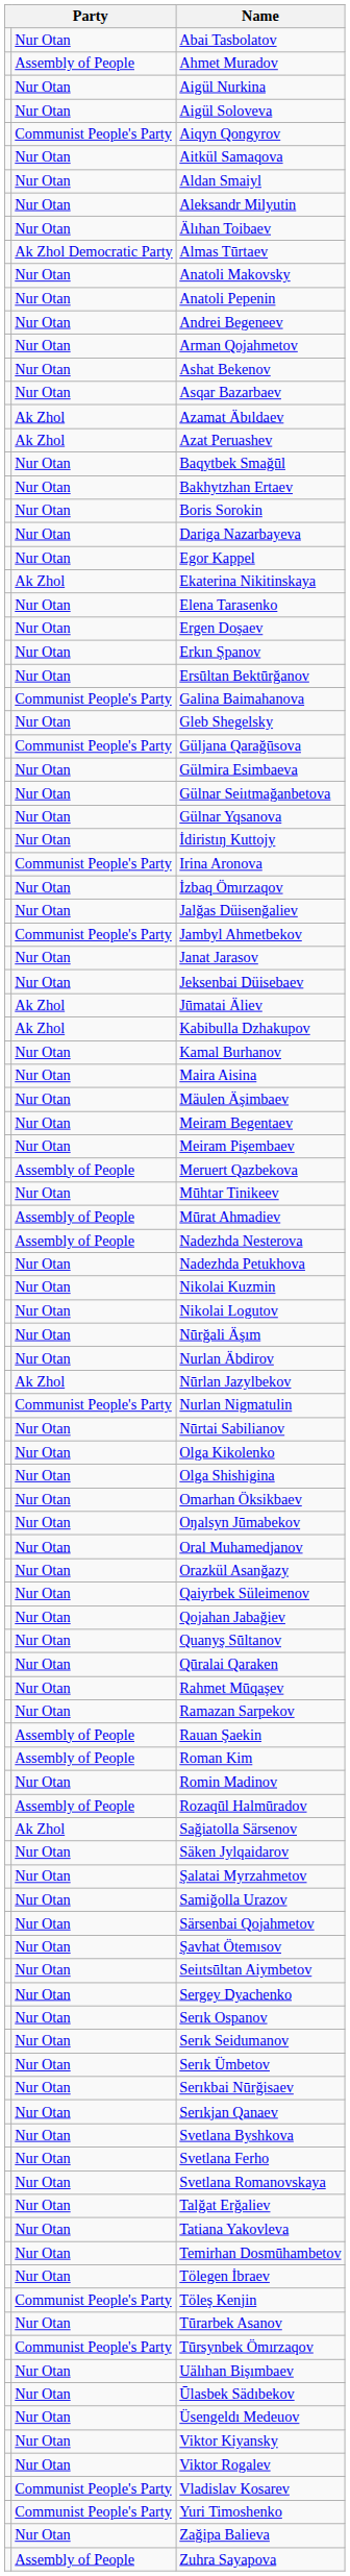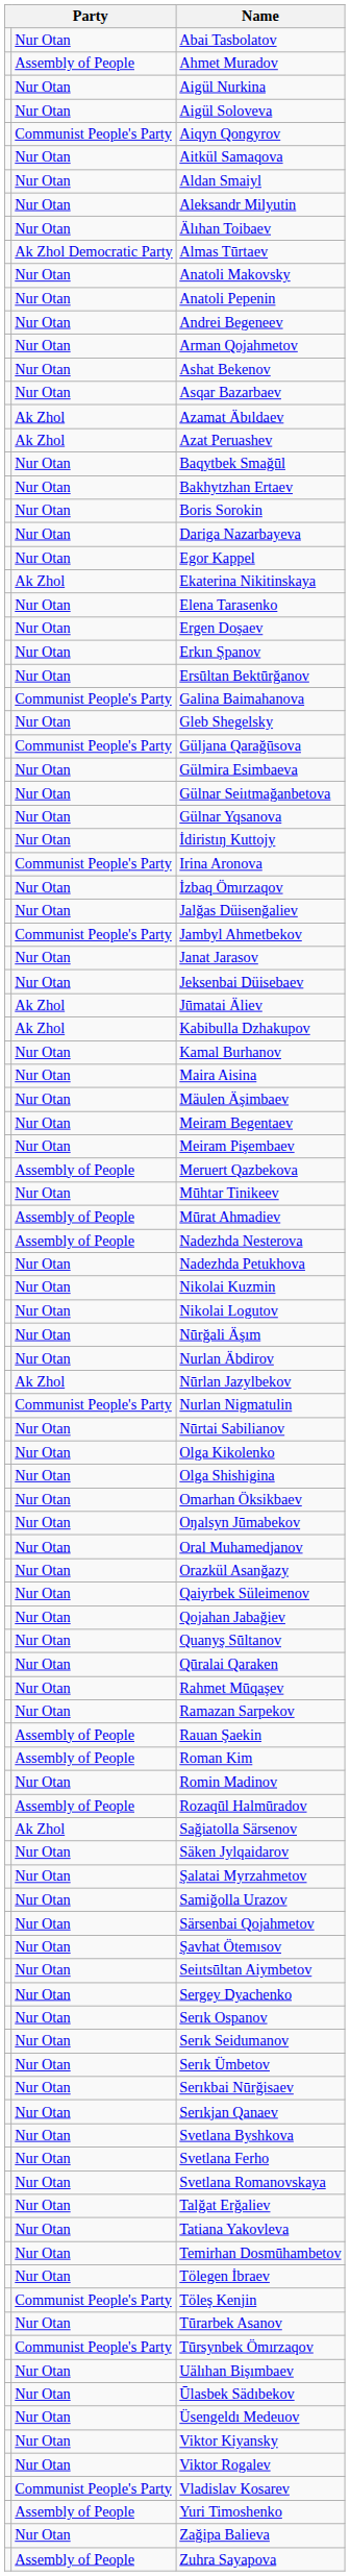 <table class="wikitable sortable">
 <tr>
 <th colspan="2">Party</th>
 <th>Name</th>
 </tr>
 <tr>
 <td style="background-color: "></td>
 <td><a href='#'>Nur Otan</a></td>
 <td><a href='#'>Abai Tasbolatov</a></td>
 </tr>
 <tr>
 <td></td>
 <td><a href='#'>Assembly of People</a></td>
 <td><a href='#'>Ahmet Muradov</a></td>
 </tr>
 <tr>
 <td style="background-color: "></td>
 <td><a href='#'>Nur Otan</a></td>
 <td><a href='#'>Aigül Nurkina</a></td>
 </tr>
 <tr>
 <td style="background-color: "></td>
 <td><a href='#'>Nur Otan</a></td>
 <td><a href='#'>Aigül Soloveva</a></td>
 </tr>
 <tr>
 <td style="background-color: "></td>
 <td><a href='#'>Communist People's Party</a></td>
 <td><a href='#'>Aiqyn Qongyrov</a></td>
 </tr>
 <tr>
 <td style="background-color: "></td>
 <td><a href='#'>Nur Otan</a></td>
 <td><a href='#'>Aitkül Samaqova</a></td>
 </tr>
 <tr>
 <td style="background-color: "></td>
 <td><a href='#'>Nur Otan</a></td>
 <td><a href='#'>Aldan Smaiyl</a></td>
 </tr>
 <tr>
 <td style="background-color: "></td>
 <td><a href='#'>Nur Otan</a></td>
 <td><a href='#'>Aleksandr Milyutin</a></td>
 </tr>
 <tr>
 <td style="background-color: "></td>
 <td><a href='#'>Nur Otan</a></td>
 <td><a href='#'>Älıhan Toibaev</a></td>
 </tr>
 <tr>
 <td style="background-color: "></td>
 <td><a href='#'>Ak Zhol Democratic Party</a></td>
 <td><a href='#'>Almas Tūrtaev</a></td>
 </tr>
 <tr>
 <td style="background-color: "></td>
 <td><a href='#'>Nur Otan</a></td>
 <td><a href='#'>Anatoli Makovsky</a></td>
 </tr>
 <tr>
 <td style="background-color: "></td>
 <td><a href='#'>Nur Otan</a></td>
 <td><a href='#'>Anatoli Pepenin</a></td>
 </tr>
 <tr>
 <td style="background-color: "></td>
 <td><a href='#'>Nur Otan</a></td>
 <td><a href='#'>Andrei Begeneev</a></td>
 </tr>
 <tr>
 <td style="background-color: "></td>
 <td><a href='#'>Nur Otan</a></td>
 <td><a href='#'>Arman Qojahmetov</a></td>
 </tr>
 <tr>
 <td style="background-color: "></td>
 <td><a href='#'>Nur Otan</a></td>
 <td><a href='#'>Ashat Bekenov</a></td>
 </tr>
 <tr>
 <td style="background-color: "></td>
 <td><a href='#'>Nur Otan</a></td>
 <td><a href='#'>Asqar Bazarbaev</a></td>
 </tr>
 <tr>
 <td style="background-color: "></td>
 <td><a href='#'>Ak Zhol</a></td>
 <td><a href='#'>Azamat Äbıldaev</a></td>
 </tr>
 <tr>
 <td style="background-color: "></td>
 <td><a href='#'>Ak Zhol</a></td>
 <td><a href='#'>Azat Peruashev</a></td>
 </tr>
 <tr>
 <td style="background-color: "></td>
 <td><a href='#'>Nur Otan</a></td>
 <td><a href='#'>Baqytbek Smağūl</a></td>
 </tr>
 <tr>
 <td style="background-color: "></td>
 <td><a href='#'>Nur Otan</a></td>
 <td><a href='#'>Bakhytzhan Ertaev</a></td>
 </tr>
 <tr>
 <td style="background-color: "></td>
 <td><a href='#'>Nur Otan</a></td>
 <td><a href='#'>Boris Sorokin</a></td>
 </tr>
 <tr>
 <td style="background-color: "></td>
 <td><a href='#'>Nur Otan</a></td>
 <td><a href='#'>Dariga Nazarbayeva</a></td>
 </tr>
 <tr>
 <td></td>
 <td><a href='#'>Nur Otan</a></td>
 <td><a href='#'>Egor Kappel</a></td>
 </tr>
 <tr>
 <td style="background-color: "></td>
 <td><a href='#'>Ak Zhol</a></td>
 <td><a href='#'>Ekaterina Nikitinskaya</a></td>
 </tr>
 <tr>
 <td style="background-color: "></td>
 <td><a href='#'>Nur Otan</a></td>
 <td><a href='#'>Elena Tarasenko</a></td>
 </tr>
 <tr>
 <td style="background-color: "></td>
 <td><a href='#'>Nur Otan</a></td>
 <td><a href='#'>Ergen Doşaev</a></td>
 </tr>
 <tr>
 <td style="background-color: "></td>
 <td><a href='#'>Nur Otan</a></td>
 <td><a href='#'>Erkın Şpanov</a></td>
 </tr>
 <tr>
 <td style="background-color: "></td>
 <td><a href='#'>Nur Otan</a></td>
 <td><a href='#'>Ersūltan Bektūrğanov</a></td>
 </tr>
 <tr>
 <td style="background-color: "></td>
 <td><a href='#'>Communist People's Party</a></td>
 <td><a href='#'>Galina Baimahanova</a></td>
 </tr>
 <tr>
 <td style="background-color: "></td>
 <td><a href='#'>Nur Otan</a></td>
 <td><a href='#'>Gleb Shegelsky</a></td>
 </tr>
 <tr>
 <td style="background-color: "></td>
 <td><a href='#'>Communist People's Party</a></td>
 <td><a href='#'>Güljana Qarağūsova</a></td>
 </tr>
 <tr>
 <td style="background-color: "></td>
 <td><a href='#'>Nur Otan</a></td>
 <td><a href='#'>Gülmira Esimbaeva</a></td>
 </tr>
 <tr>
 <td style="background-color: "></td>
 <td><a href='#'>Nur Otan</a></td>
 <td><a href='#'>Gülnar Seiıtmağanbetova</a></td>
 </tr>
 <tr>
 <td style="background-color: "></td>
 <td><a href='#'>Nur Otan</a></td>
 <td><a href='#'>Gülnar Yqsanova</a></td>
 </tr>
 <tr>
 <td style="background-color: "></td>
 <td><a href='#'>Nur Otan</a></td>
 <td><a href='#'>İdiristıŋ Kuttojy</a></td>
 </tr>
 <tr>
 <td style="background-color: "></td>
 <td><a href='#'>Communist People's Party</a></td>
 <td><a href='#'>Irina Aronova</a></td>
 </tr>
 <tr>
 <td style="background-color: "></td>
 <td><a href='#'>Nur Otan</a></td>
 <td><a href='#'>İzbaq Ömırzaqov</a></td>
 </tr>
 <tr>
 <td style="background-color: "></td>
 <td><a href='#'>Nur Otan</a></td>
 <td><a href='#'>Jalğas Düisenğaliev</a></td>
 </tr>
 <tr>
 <td style="background-color: "></td>
 <td><a href='#'>Communist People's Party</a></td>
 <td><a href='#'>Jambyl Ahmetbekov</a></td>
 </tr>
 <tr>
 <td style="background-color: "></td>
 <td><a href='#'>Nur Otan</a></td>
 <td><a href='#'>Janat Jarasov</a></td>
 </tr>
 <tr>
 <td style="background-color: "></td>
 <td><a href='#'>Nur Otan</a></td>
 <td><a href='#'>Jeksenbai Düisebaev</a></td>
 </tr>
 <tr>
 <td></td>
 <td><a href='#'>Ak Zhol</a></td>
 <td><a href='#'>Jūmatai Äliev</a></td>
 </tr>
 <tr>
 <td style="background-color: "></td>
 <td><a href='#'>Ak Zhol</a></td>
 <td><a href='#'>Kabibulla Dzhakupov</a></td>
 </tr>
 <tr>
 <td style="background-color: "></td>
 <td><a href='#'>Nur Otan</a></td>
 <td><a href='#'>Kamal Burhanov</a></td>
 </tr>
 <tr>
 <td style="background-color: "></td>
 <td><a href='#'>Nur Otan</a></td>
 <td><a href='#'>Maira Aisina</a></td>
 </tr>
 <tr>
 <td style="background-color: "></td>
 <td><a href='#'>Nur Otan</a></td>
 <td><a href='#'>Mäulen Äşimbaev</a></td>
 </tr>
 <tr>
 <td style="background-color: "></td>
 <td><a href='#'>Nur Otan</a></td>
 <td><a href='#'>Meiram Begentaev</a></td>
 </tr>
 <tr>
 <td style="background-color: "></td>
 <td><a href='#'>Nur Otan</a></td>
 <td><a href='#'>Meiram Pişembaev</a></td>
 </tr>
 <tr>
 <td style="background-color: "></td>
 <td><a href='#'>Assembly of People</a></td>
 <td><a href='#'>Meruert Qazbekova</a></td>
 </tr>
 <tr>
 <td style="background-color: "></td>
 <td><a href='#'>Nur Otan</a></td>
 <td><a href='#'>Mūhtar Tinikeev</a></td>
 </tr>
 <tr>
 <td></td>
 <td><a href='#'>Assembly of People</a></td>
 <td><a href='#'>Mūrat Ahmadiev</a></td>
 </tr>
 <tr>
 <td></td>
 <td><a href='#'>Assembly of People</a></td>
 <td><a href='#'>Nadezhda Nesterova</a></td>
 </tr>
 <tr>
 <td style="background-color: "></td>
 <td><a href='#'>Nur Otan</a></td>
 <td><a href='#'>Nadezhda Petukhova</a></td>
 </tr>
 <tr>
 <td style="background-color: "></td>
 <td><a href='#'>Nur Otan</a></td>
 <td><a href='#'>Nikolai Kuzmin</a></td>
 </tr>
 <tr>
 <td style="background-color: "></td>
 <td><a href='#'>Nur Otan</a></td>
 <td><a href='#'>Nikolai Logutov</a></td>
 </tr>
 <tr>
 <td style="background-color: "></td>
 <td><a href='#'>Nur Otan</a></td>
 <td><a href='#'>Nūrğali Äşım</a></td>
 </tr>
 <tr>
 <td style="background-color: "></td>
 <td><a href='#'>Nur Otan</a></td>
 <td><a href='#'>Nurlan Äbdirov</a></td>
 </tr>
 <tr>
 <td style="background-color: "></td>
 <td><a href='#'>Ak Zhol</a></td>
 <td><a href='#'>Nūrlan Jazylbekov</a></td>
 </tr>
 <tr>
 <td style="background-color: "></td>
 <td><a href='#'>Communist People's Party</a></td>
 <td><a href='#'>Nurlan Nigmatulin</a></td>
 </tr>
 <tr>
 <td style="background-color: "></td>
 <td><a href='#'>Nur Otan</a></td>
 <td><a href='#'>Nūrtai Sabilianov</a></td>
 </tr>
 <tr>
 <td style="background-color: "></td>
 <td><a href='#'>Nur Otan</a></td>
 <td><a href='#'>Olga Kikolenko</a></td>
 </tr>
 <tr>
 <td style="background-color: "></td>
 <td><a href='#'>Nur Otan</a></td>
 <td><a href='#'>Olga Shishigina</a></td>
 </tr>
 <tr>
 <td style="background-color: "></td>
 <td><a href='#'>Nur Otan</a></td>
 <td><a href='#'>Omarhan Öksikbaev</a></td>
 </tr>
 <tr>
 <td style="background-color: "></td>
 <td><a href='#'>Nur Otan</a></td>
 <td><a href='#'>Oŋalsyn Jūmabekov</a></td>
 </tr>
 <tr>
 <td style="background-color: "></td>
 <td><a href='#'>Nur Otan</a></td>
 <td><a href='#'>Oral Muhamedjanov</a></td>
 </tr>
 <tr>
 <td style="background-color: "></td>
 <td><a href='#'>Nur Otan</a></td>
 <td><a href='#'>Orazkül Asanğazy</a></td>
 </tr>
 <tr>
 <td style="background-color: "></td>
 <td><a href='#'>Nur Otan</a></td>
 <td><a href='#'>Qaiyrbek Süleimenov</a></td>
 </tr>
 <tr>
 <td style="background-color: "></td>
 <td><a href='#'>Nur Otan</a></td>
 <td><a href='#'>Qojahan Jabağiev</a></td>
 </tr>
 <tr>
 <td style="background-color: "></td>
 <td><a href='#'>Nur Otan</a></td>
 <td><a href='#'>Quanyş Sūltanov</a></td>
 </tr>
 <tr>
 <td style="background-color: "></td>
 <td><a href='#'>Nur Otan</a></td>
 <td><a href='#'>Qūralai Qaraken</a></td>
 </tr>
 <tr>
 <td style="background-color: "></td>
 <td><a href='#'>Nur Otan</a></td>
 <td><a href='#'>Rahmet Mūqaşev</a></td>
 </tr>
 <tr>
 <td style="background-color: "></td>
 <td><a href='#'>Nur Otan</a></td>
 <td><a href='#'>Ramazan Sarpekov</a></td>
 </tr>
 <tr>
 <td style="background-color: "></td>
 <td><a href='#'>Assembly of People</a></td>
 <td><a href='#'>Rauan Şaekin</a></td>
 </tr>
 <tr>
 <td></td>
 <td><a href='#'>Assembly of People</a></td>
 <td><a href='#'>Roman Kim</a></td>
 </tr>
 <tr>
 <td style="background-color: "></td>
 <td><a href='#'>Nur Otan</a></td>
 <td><a href='#'>Romin Madinov</a></td>
 </tr>
 <tr>
 <td></td>
 <td><a href='#'>Assembly of People</a></td>
 <td><a href='#'>Rozaqūl Halmūradov</a></td>
 </tr>
 <tr>
 <td style="background-color: "></td>
 <td><a href='#'>Ak Zhol</a></td>
 <td><a href='#'>Sağiatolla Särsenov</a></td>
 </tr>
 <tr>
 <td style="background-color: "></td>
 <td><a href='#'>Nur Otan</a></td>
 <td><a href='#'>Säken Jylqaidarov</a></td>
 </tr>
 <tr>
 <td style="background-color: "></td>
 <td><a href='#'>Nur Otan</a></td>
 <td><a href='#'>Şalatai Myrzahmetov</a></td>
 </tr>
 <tr>
 <td style="background-color: "></td>
 <td><a href='#'>Nur Otan</a></td>
 <td><a href='#'>Samiğolla Urazov</a></td>
 </tr>
 <tr>
 <td style="background-color: "></td>
 <td><a href='#'>Nur Otan</a></td>
 <td><a href='#'>Särsenbai Qojahmetov</a></td>
 </tr>
 <tr>
 <td style="background-color: "></td>
 <td><a href='#'>Nur Otan</a></td>
 <td><a href='#'>Şavhat Ötemısov</a></td>
 </tr>
 <tr>
 <td style="background-color: "></td>
 <td><a href='#'>Nur Otan</a></td>
 <td><a href='#'>Seiıtsūltan Aiymbetov</a></td>
 </tr>
 <tr>
 <td style="background-color: "></td>
 <td><a href='#'>Nur Otan</a></td>
 <td><a href='#'>Sergey Dyachenko</a></td>
 </tr>
 <tr>
 <td style="background-color: "></td>
 <td><a href='#'>Nur Otan</a></td>
 <td><a href='#'>Serık Ospanov</a></td>
 </tr>
 <tr>
 <td style="background-color: "></td>
 <td><a href='#'>Nur Otan</a></td>
 <td><a href='#'>Serık Seidumanov</a></td>
 </tr>
 <tr>
 <td style="background-color: "></td>
 <td><a href='#'>Nur Otan</a></td>
 <td><a href='#'>Serık Ümbetov</a></td>
 </tr>
 <tr>
 <td style="background-color: "></td>
 <td><a href='#'>Nur Otan</a></td>
 <td><a href='#'>Serıkbai Nūrğisaev</a></td>
 </tr>
 <tr>
 <td style="background-color: "></td>
 <td><a href='#'>Nur Otan</a></td>
 <td><a href='#'>Serıkjan Qanaev</a></td>
 </tr>
 <tr>
 <td style="background-color: "></td>
 <td><a href='#'>Nur Otan</a></td>
 <td><a href='#'>Svetlana Byshkova</a></td>
 </tr>
 <tr>
 <td style="background-color: "></td>
 <td><a href='#'>Nur Otan</a></td>
 <td><a href='#'>Svetlana Ferho</a></td>
 </tr>
 <tr>
 <td style="background-color: "></td>
 <td><a href='#'>Nur Otan</a></td>
 <td><a href='#'>Svetlana Romanovskaya</a></td>
 </tr>
 <tr>
 <td style="background-color: "></td>
 <td><a href='#'>Nur Otan</a></td>
 <td><a href='#'>Talğat Erğaliev</a></td>
 </tr>
 <tr>
 <td style="background-color: "></td>
 <td><a href='#'>Nur Otan</a></td>
 <td><a href='#'>Tatiana Yakovleva</a></td>
 </tr>
 <tr>
 <td style="background-color: "></td>
 <td><a href='#'>Nur Otan</a></td>
 <td><a href='#'>Temirhan Dosmūhambetov</a></td>
 </tr>
 <tr>
 <td style="background-color: "></td>
 <td><a href='#'>Nur Otan</a></td>
 <td><a href='#'>Tölegen İbraev</a></td>
 </tr>
 <tr>
 <td style="background-color: "></td>
 <td><a href='#'>Communist People's Party</a></td>
 <td><a href='#'>Töleş Kenjin</a></td>
 </tr>
 <tr>
 <td style="background-color: "></td>
 <td><a href='#'>Nur Otan</a></td>
 <td><a href='#'>Tūrarbek Asanov</a></td>
 </tr>
 <tr>
 <td style="background-color: "></td>
 <td><a href='#'>Communist People's Party</a></td>
 <td><a href='#'>Tūrsynbek Ömırzaqov</a></td>
 </tr>
 <tr>
 <td style="background-color: "></td>
 <td><a href='#'>Nur Otan</a></td>
 <td><a href='#'>Uälıhan Bişımbaev</a></td>
 </tr>
 <tr>
 <td style="background-color: "></td>
 <td><a href='#'>Nur Otan</a></td>
 <td><a href='#'>Ūlasbek Sädıbekov</a></td>
 </tr>
 <tr>
 <td style="background-color: "></td>
 <td><a href='#'>Nur Otan</a></td>
 <td><a href='#'>Üsengeldı Medeuov</a></td>
 </tr>
 <tr>
 <td style="background-color: "></td>
 <td><a href='#'>Nur Otan</a></td>
 <td><a href='#'>Viktor Kiyansky</a></td>
 </tr>
 <tr>
 <td style="background-color: "></td>
 <td><a href='#'>Nur Otan</a></td>
 <td><a href='#'>Viktor Rogalev</a></td>
 </tr>
 <tr>
 <td style="background-color: "></td>
 <td><a href='#'>Communist People's Party</a></td>
 <td><a href='#'>Vladislav Kosarev</a></td>
 </tr>
 <tr>
 <td></td>
-<td><a href='#'>Communist People's Party</a></td>
+<td><a href='#'>Assembly of People</a></td>
 <td><a href='#'>Yuri Timoshenko</a></td>
 </tr>
 <tr>
 <td style="background-color: "></td>
 <td><a href='#'>Nur Otan</a></td>
 <td><a href='#'>Zağipa Balieva</a></td>
 </tr>
 <tr>
 <td></td>
 <td><a href='#'>Assembly of People</a></td>
 <td><a href='#'>Zuhra Sayapova</a></td>
 </tr>
 </table>
